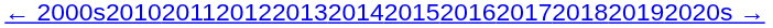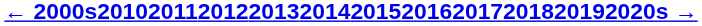 <table id=toc class=toc summary=Contents>
 <tr>
 <th></th>
 </tr>
 <tr>
-<td align=center><a href='#'>← 2000s</a><a href='#'>2010</a><a href='#'>2011</a><a href='#'>2012</a><a href='#'>2013</a><a href='#'>2014</a><a href='#'>2015</a><a href='#'>2016</a><a href='#'>2017</a><a href='#'>2018</a><a href='#'>2019</a><a href='#'>2020s →</a></td>
+<td align=center><strong><a href='#'>← 2000s</a><a href='#'>2010</a><a href='#'>2011</a><a href='#'>2012</a><a href='#'>2013</a><a href='#'>2014</a><a href='#'>2015</a><a href='#'>2016</a><a href='#'>2017</a><a href='#'>2018</a><a href='#'>2019</a><a href='#'>2020s →</a></strong></td>
 </tr>
 </table>
